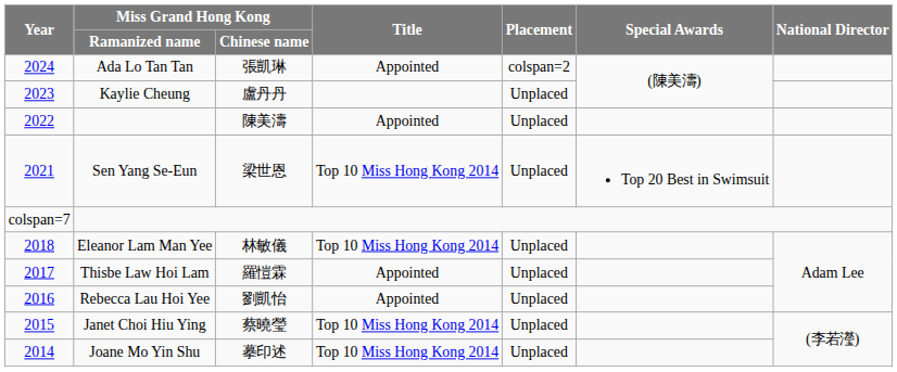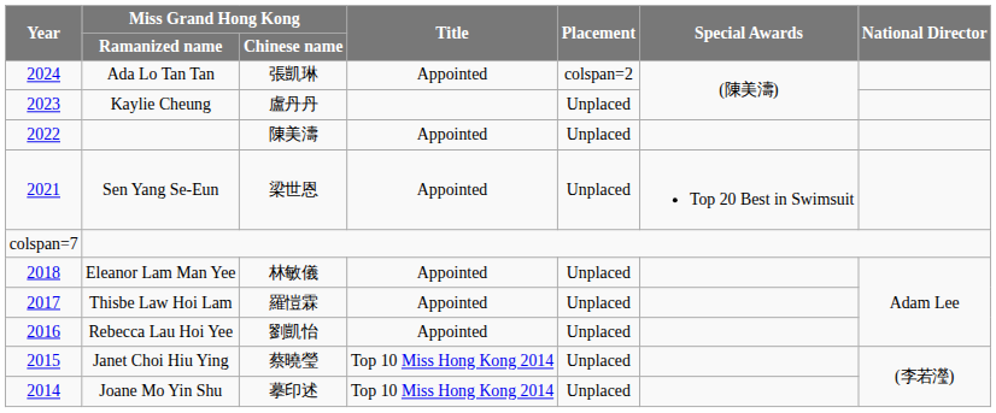 <table class="wikitable" style="font-size: 90%; text-align:center">
 <tr>
 <th rowspan=2 style="background-color:#787878;color:#FFFFFF;">Year</th>
 <th colspan=2 style="background-color:#787878;color:#FFFFFF;">Miss Grand Hong Kong</th>
 <th rowspan=2 style="background-color:#787878;color:#FFFFFF;">Title</th>
 <th rowspan=2 style="background-color:#787878;color:#FFFFFF;">Placement</th>
 <th rowspan=2 style="background-color:#787878;color:#FFFFFF;">Special Awards</th>
 <th rowspan=2 style="background-color:#787878;color:#FFFFFF;">National Director</th>
 </tr>
 <tr>
 <th style="background-color:#787878;color:#FFFFFF;">Ramanized name</th>
 <th style="background-color:#787878;color:#FFFFFF;">Chinese name</th>
 </tr>
 <tr>
 <td><a href='#'>2024</a></td>
 <td>Ada Lo Tan Tan</td>
 <td>張凱琳</td>
 <td>Appointed</td>
 <td>colspan=2 </td>
 <td rowspan=2> (陳美濤)</td>
 </tr>
 <tr>
 <td><a href='#'>2023</a></td>
 <td>Kaylie Cheung</td>
 <td>盧丹丹</td>
 <td></td>
 <td>Unplaced</td>
 <td></td>
 </tr>
 <tr>
 <td><a href='#'>2022</a></td>
 <td></td>
 <td>陳美濤</td>
 <td>Appointed</td>
 <td>Unplaced</td>
 <td></td>
 <td></td>
 </tr>
 <tr>
 <td><a href='#'>2021</a></td>
 <td>Sen Yang Se-Eun</td>
 <td>梁世恩</td>
-<td>Top 10 <a href='#'>Miss Hong Kong 2014</a></td>
+<td>Appointed</td>
 <td>Unplaced</td>
 <td><br><ul><li>Top 20 Best in Swimsuit</li></ul></td>
 <td></td>
 </tr>
 <tr>
 <td>colspan=7</td>
 </tr>
 <tr>
 <td><a href='#'>2018</a></td>
 <td>Eleanor Lam Man Yee</td>
 <td>林敏儀</td>
-<td>Top 10 <a href='#'>Miss Hong Kong 2014</a></td>
+<td>Appointed</td>
 <td>Unplaced</td>
 <td></td>
 <td rowspan=3>Adam Lee</td>
 </tr>
 <tr>
 <td><a href='#'>2017</a></td>
 <td>Thisbe Law Hoi Lam</td>
 <td>羅愷霖</td>
 <td>Appointed</td>
 <td>Unplaced</td>
 <td></td>
 </tr>
 <tr>
 <td><a href='#'>2016</a></td>
 <td>Rebecca Lau Hoi Yee</td>
 <td>劉凱怡</td>
 <td>Appointed</td>
 <td>Unplaced</td>
 <td></td>
 </tr>
 <tr>
 <td><a href='#'>2015</a></td>
 <td>Janet Choi Hiu Ying</td>
 <td>蔡曉瑩</td>
 <td>Top 10 <a href='#'>Miss Hong Kong 2014</a></td>
 <td>Unplaced</td>
 <td></td>
 <td rowspan=2> (李若瀅)</td>
 </tr>
 <tr>
 <td><a href='#'>2014</a></td>
 <td>Joane Mo Yin Shu</td>
 <td>摹印述</td>
 <td>Top 10 <a href='#'>Miss Hong Kong 2014</a></td>
 <td>Unplaced </td>
 <td></td>
 </tr>
 </table>
